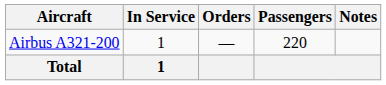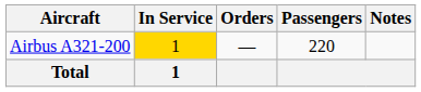 <table class="wikitable" style="margin:1em auto; border-collapse:collapse;text-align:center">
 <tr>
 <th>Aircraft</th>
 <th>In Service</th>
 <th>Orders</th>
 <th>Passengers</th>
 <th>Notes</th>
 </tr>
 <tr>
 <td><a href='#'>Airbus A321-200</a></td>
-<td>1</td>
+<td style="background: gold;">1</td>
 <td>—</td>
 <td>220</td>
 <td></td>
 </tr>
 <tr>
 <th>Total</th>
 <th>1</th>
 <th></th>
 <th colspan=2></th>
 </tr>
 </table>
